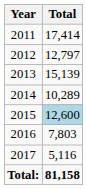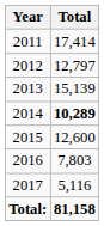 <table class="wikitable sortable" style="text-align: center;">
 <tr>
 <th>Year</th>
 <th>Total</th>
 </tr>
 <tr>
 <td>2011</td>
 <td>17,414</td>
 </tr>
 <tr>
 <td>2012</td>
 <td>12,797</td>
 </tr>
 <tr>
 <td>2013</td>
 <td>15,139</td>
 </tr>
 <tr>
 <td>2014</td>
-<td>10,289</td>
+<td><strong>10,289</strong></td>
 </tr>
 <tr>
 <td>2015</td>
-<td style="background: lightblue;">12,600</td>
+<td>12,600</td>
 </tr>
 <tr>
 <td>2016</td>
 <td>7,803</td>
 </tr>
 <tr>
 <td>2017</td>
 <td>5,116</td>
 </tr>
 <tr>
 <td><strong>Total:</strong></td>
 <td><strong>81,158</strong></td>
 </tr>
 </table>
